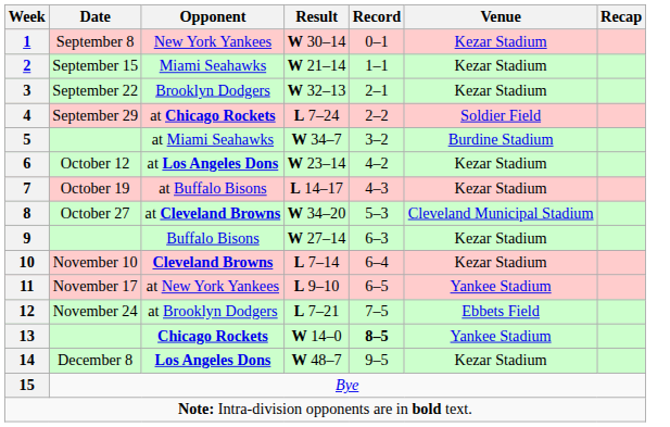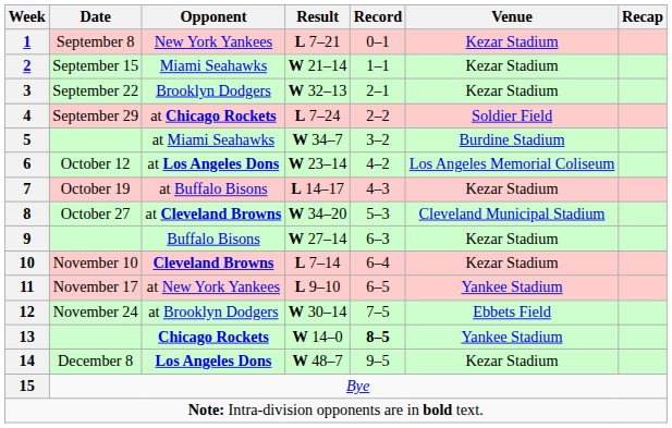 <table class="wikitable" style="text-align:center">
 <tr>
 <th>Week</th>
 <th>Date</th>
 <th>Opponent</th>
 <th>Result</th>
 <th>Record</th>
 <th>Venue</th>
 <th>Recap</th>
 </tr>
 <tr style="background:#fcc">
 <th><a href='#'>1</a></th>
 <td>September 8</td>
 <td><a href='#'>New York Yankees</a></td>
-<td><strong>W</strong> 30–14</td>
+<td><strong>L</strong> 7–21</td>
 <td>0–1</td>
 <td><a href='#'>Kezar Stadium</a></td>
 <td></td>
 </tr>
 <tr style="background:#cfc">
 <th><a href='#'>2</a></th>
 <td>September 15</td>
 <td><a href='#'>Miami Seahawks</a></td>
 <td><strong>W</strong> 21–14</td>
 <td>1–1</td>
 <td>Kezar Stadium</td>
 <td></td>
 </tr>
 <tr style="background:#cfc">
 <th>3</th>
 <td>September 22</td>
 <td><a href='#'>Brooklyn Dodgers</a></td>
 <td><strong>W</strong> 32–13</td>
 <td>2–1</td>
 <td>Kezar Stadium</td>
 <td></td>
 </tr>
 <tr style="background:#fcc">
 <th>4</th>
 <td>September 29</td>
 <td>at <strong><a href='#'>Chicago Rockets</a></strong></td>
 <td><strong>L</strong> 7–24</td>
 <td>2–2</td>
 <td><a href='#'>Soldier Field</a></td>
 <td></td>
 </tr>
 <tr style="background:#cfc">
 <th>5</th>
 <td></td>
 <td>at <a href='#'>Miami Seahawks</a></td>
 <td><strong>W</strong> 34–7</td>
 <td>3–2</td>
 <td><a href='#'>Burdine Stadium</a></td>
 <td></td>
 </tr>
 <tr style="background:#cfc">
 <th>6</th>
 <td>October 12</td>
 <td>at <strong><a href='#'>Los Angeles Dons</a></strong></td>
 <td><strong>W</strong> 23–14</td>
 <td>4–2</td>
-<td>Kezar Stadium</td>
+<td><a href='#'>Los Angeles Memorial Coliseum</a></td>
 <td></td>
 </tr>
 <tr style="background:#fcc">
 <th>7</th>
 <td>October 19</td>
 <td>at <a href='#'>Buffalo Bisons</a></td>
 <td><strong>L</strong> 14–17</td>
 <td>4–3</td>
 <td>Kezar Stadium</td>
 <td></td>
 </tr>
 <tr style="background:#cfc">
 <th>8</th>
 <td>October 27</td>
 <td>at <strong><a href='#'>Cleveland Browns</a></strong></td>
 <td><strong>W</strong> 34–20</td>
 <td>5–3</td>
 <td><a href='#'>Cleveland Municipal Stadium</a></td>
 <td></td>
 </tr>
 <tr style="background:#cfc">
 <th>9</th>
 <td></td>
 <td><a href='#'>Buffalo Bisons</a></td>
 <td><strong>W</strong> 27–14</td>
 <td>6–3</td>
 <td>Kezar Stadium</td>
 <td></td>
 </tr>
 <tr style="background:#fcc">
 <th>10</th>
 <td>November 10</td>
 <td><strong><a href='#'>Cleveland Browns</a></strong></td>
 <td><strong>L</strong> 7–14</td>
 <td>6–4</td>
 <td>Kezar Stadium</td>
 <td></td>
 </tr>
 <tr style="background:#fcc">
 <th>11</th>
 <td>November 17</td>
 <td>at <a href='#'>New York Yankees</a></td>
 <td><strong>L</strong> 9–10</td>
 <td>6–5</td>
 <td><a href='#'>Yankee Stadium</a></td>
 <td></td>
 </tr>
 <tr style="background:#cfc">
 <th>12</th>
 <td>November 24</td>
 <td>at <a href='#'>Brooklyn Dodgers</a></td>
-<td><strong>L</strong> 7–21</td>
+<td><strong>W</strong> 30–14</td>
 <td>7–5</td>
 <td><a href='#'>Ebbets Field</a></td>
 <td></td>
 </tr>
 <tr style="background:#cfc">
 <th>13</th>
 <td></td>
 <td><strong><a href='#'>Chicago Rockets</a></strong></td>
 <td><strong>W</strong> 14–0</td>
 <td><strong>8–5</strong></td>
 <td><a href='#'>Yankee Stadium</a></td>
 <td></td>
 </tr>
 <tr style="background:#cfc">
 <th>14</th>
 <td>December 8</td>
 <td><strong><a href='#'>Los Angeles Dons</a></strong></td>
 <td><strong>W</strong> 48–7</td>
 <td>9–5</td>
 <td>Kezar Stadium</td>
 <td></td>
 </tr>
 <tr>
 <th>15</th>
 <td colspan="6"><em><a href='#'>Bye</a></em></td>
 </tr>
 <tr>
 <td colspan="8"><strong>Note:</strong> Intra-division opponents are in <strong>bold</strong> text.</td>
 </tr>
 </table>
